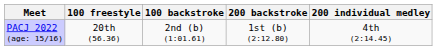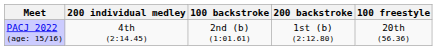 <table class="sortable wikitable">
 <tr>
 <th>Meet</th>
-<th class="unsortable">100 freestyle</th>
+<th class="unsortable">200 individual medley</th>
 <th class="unsortable">100 backstroke</th>
 <th class="unsortable">200 backstroke</th>
-<th class="unsortable">200 individual medley</th>
+<th class="unsortable">100 freestyle</th>
 </tr>
 <tr>
 <td style="background:#ccccff"><a href='#'>PACJ 2022</a><br><small>(age: 15/16)</small></td>
-<td align="center">20th<br><small>(56.36)</small></td>
+<td align="center">4th<br><small>(2:14.45)</small></td>
 <td align="center">2nd (b)<br><small>(1:01.61)</small></td>
 <td align="center">1st (b)<br><small>(2:12.80)</small></td>
-<td align="center">4th<br><small>(2:14.45)</small></td>
+<td align="center">20th<br><small>(56.36)</small></td>
 </tr>
 </table>
